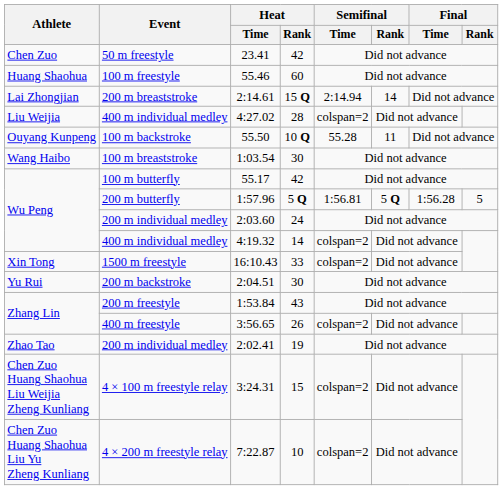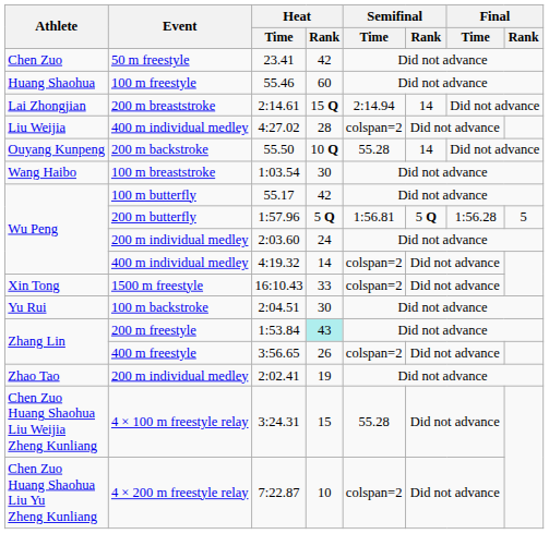 <table class=wikitable style="font-size:90%">
 <tr>
 <th rowspan="2">Athlete</th>
 <th rowspan="2">Event</th>
 <th colspan="2">Heat</th>
 <th colspan="2">Semifinal</th>
 <th colspan="2">Final</th>
 </tr>
 <tr style="font-size:95%">
 <th>Time</th>
 <th>Rank</th>
 <th>Time</th>
 <th>Rank</th>
 <th>Time</th>
 <th>Rank</th>
 </tr>
 <tr align=center>
 <td align=left><a href='#'>Chen Zuo</a></td>
 <td align=left><a href='#'>50 m freestyle</a></td>
 <td>23.41</td>
 <td>42</td>
 <td colspan=4>Did not advance</td>
 </tr>
 <tr align=center>
 <td align=left><a href='#'>Huang Shaohua</a></td>
 <td align=left><a href='#'>100 m freestyle</a></td>
 <td>55.46</td>
 <td>60</td>
 <td colspan=4>Did not advance</td>
 </tr>
 <tr align=center>
 <td align=left><a href='#'>Lai Zhongjian</a></td>
 <td align=left><a href='#'>200 m breaststroke</a></td>
 <td>2:14.61</td>
 <td>15 <strong>Q</strong></td>
 <td>2:14.94</td>
 <td>14</td>
 <td colspan=2>Did not advance</td>
 </tr>
 <tr align=center>
 <td align=left><a href='#'>Liu Weijia</a></td>
 <td align=left><a href='#'>400 m individual medley</a></td>
 <td>4:27.02</td>
 <td>28</td>
 <td>colspan=2 </td>
 <td colspan=2>Did not advance</td>
 </tr>
 <tr align=center>
 <td align=left><a href='#'>Ouyang Kunpeng</a></td>
-<td align=left><a href='#'>100 m backstroke</a></td>
+<td align=left><a href='#'>200 m backstroke</a></td>
 <td>55.50</td>
 <td>10 <strong>Q</strong></td>
 <td>55.28</td>
-<td>11</td>
+<td>14</td>
 <td colspan=2>Did not advance</td>
 </tr>
 <tr align=center>
 <td align=left><a href='#'>Wang Haibo</a></td>
 <td align=left><a href='#'>100 m breaststroke</a></td>
 <td>1:03.54</td>
 <td>30</td>
 <td colspan=4>Did not advance</td>
 </tr>
 <tr align=center>
 <td style="text-align:left;" rowspan="4"><a href='#'>Wu Peng</a></td>
 <td align=left><a href='#'>100 m butterfly</a></td>
 <td>55.17</td>
 <td>42</td>
 <td colspan=4>Did not advance</td>
 </tr>
 <tr align=center>
 <td align=left><a href='#'>200 m butterfly</a></td>
 <td>1:57.96</td>
 <td>5 <strong>Q</strong></td>
 <td>1:56.81</td>
 <td>5 <strong>Q</strong></td>
 <td>1:56.28</td>
 <td>5</td>
 </tr>
 <tr align=center>
 <td align=left><a href='#'>200 m individual medley</a></td>
 <td>2:03.60</td>
 <td>24</td>
 <td colspan=4>Did not advance</td>
 </tr>
 <tr align=center>
 <td align=left><a href='#'>400 m individual medley</a></td>
 <td>4:19.32</td>
 <td>14</td>
 <td>colspan=2 </td>
 <td colspan=2>Did not advance</td>
 </tr>
 <tr align=center>
 <td align=left><a href='#'>Xin Tong</a></td>
 <td align=left><a href='#'>1500 m freestyle</a></td>
 <td>16:10.43</td>
 <td>33</td>
 <td>colspan=2 </td>
 <td colspan=2>Did not advance</td>
 </tr>
 <tr align=center>
 <td align=left><a href='#'>Yu Rui</a></td>
-<td align=left><a href='#'>200 m backstroke</a></td>
+<td align=left><a href='#'>100 m backstroke</a></td>
 <td>2:04.51</td>
 <td>30</td>
 <td colspan=4>Did not advance</td>
 </tr>
 <tr align=center>
 <td style="text-align:left;" rowspan="2"><a href='#'>Zhang Lin</a></td>
 <td align=left><a href='#'>200 m freestyle</a></td>
 <td>1:53.84</td>
-<td>43</td>
+<td style="background: paleturquoise;">43</td>
 <td colspan=4>Did not advance</td>
 </tr>
 <tr align=center>
 <td align=left><a href='#'>400 m freestyle</a></td>
 <td>3:56.65</td>
 <td>26</td>
 <td>colspan=2 </td>
 <td colspan=2>Did not advance</td>
 </tr>
 <tr align=center>
 <td align=left><a href='#'>Zhao Tao</a></td>
 <td align=left><a href='#'>200 m individual medley</a></td>
 <td>2:02.41</td>
 <td>19</td>
 <td colspan=4>Did not advance</td>
 </tr>
 <tr align=center>
 <td align=left><a href='#'>Chen Zuo</a><br><a href='#'>Huang Shaohua</a><br><a href='#'>Liu Weijia</a><br><a href='#'>Zheng Kunliang</a></td>
 <td align=left><a href='#'>4 × 100 m freestyle relay</a></td>
 <td>3:24.31</td>
 <td>15</td>
-<td>colspan=2 </td>
+<td>55.28</td>
 <td colspan=2>Did not advance</td>
 </tr>
 <tr align=center>
 <td align=left><a href='#'>Chen Zuo</a><br><a href='#'>Huang Shaohua</a><br><a href='#'>Liu Yu</a><br><a href='#'>Zheng Kunliang</a></td>
 <td align=left><a href='#'>4 × 200 m freestyle relay</a></td>
 <td>7:22.87</td>
 <td>10</td>
 <td>colspan=2 </td>
 <td colspan=2>Did not advance</td>
 </tr>
 </table>
